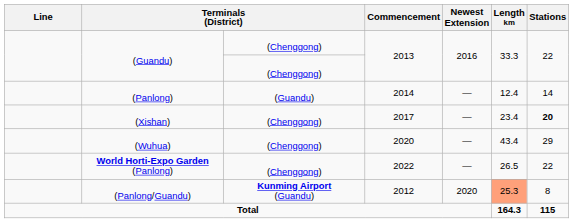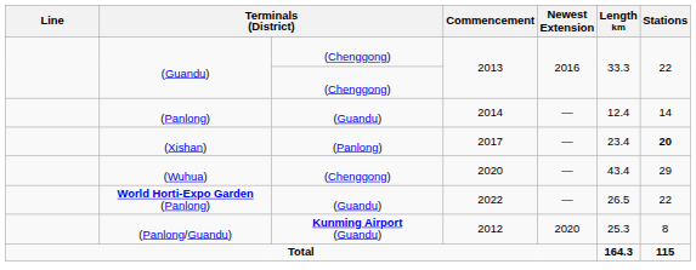 <table class="wikitable sortable" style="cell-padding:1.5; font-size:96%; text-align:center;">
 <tr>
 <th data-sort-type="text"style="width:120px;">Line</th>
 <th class="unsortable" colspan="2" style="width:450px; line-height:1.05">Terminals<br>(District)</th>
 <th>Commencement</th>
 <th>Newest<br>Extension</th>
 <th style="line-height:1.05">Length<br><small>km</small></th>
 <th style="line-height:1.05">Stations</th>
 </tr>
 <tr>
 <td rowspan="2" style="text-align:center; line-height:1.05"></td>
 <td rowspan="2" style="text-align:center; width:225px; line-height:1.05"><strong></strong><br>(<a href='#'>Guandu</a>)</td>
 <td style="text-align:center; width:225px; line-height:1.05"><strong></strong><br>(<a href='#'>Chenggong</a>)</td>
 <td rowspan="2" style="text-align:center; line-height:1.05">2013</td>
 <td rowspan="2" style="text-align:center; line-height:1.05">2016</td>
 <td rowspan="2" style="text-align:center; line-height:1.05">33.3</td>
 <td rowspan="2" style="text-align:center; line-height:1.05">22</td>
 </tr>
 <tr>
 <td><strong></strong><br>(<a href='#'>Chenggong</a>)</td>
 </tr>
 <tr>
 <td style="text-align:center; line-height:1.05"></td>
 <td style="text-align:center; width:225px; line-height:1.05"><strong></strong><br>(<a href='#'>Panlong</a>)</td>
 <td style="text-align:center; width:225px; line-height:1.05"><strong></strong><br>(<a href='#'>Guandu</a>)</td>
 <td style="text-align:center; line-height:1.05">2014</td>
 <td style="text-align:center; line-height:1.05">—</td>
 <td style="text-align:center; line-height:1.05">12.4</td>
 <td style="text-align:center; line-height:1.05">14</td>
 </tr>
 <tr>
 <td style="text-align:center; line-height:1.05"></td>
 <td style="text-align:center; width:225px; line-height:1.05"><strong></strong><br>(<a href='#'>Xishan</a>)</td>
-<td style="text-align:center; width:225px; line-height:1.05"><strong></strong><br>(<a href='#'>Chenggong</a>)</td>
+<td style="text-align:center; width:225px; line-height:1.05"><strong></strong><br>(<a href='#'>Panlong</a>)</td>
 <td style="text-align:center; line-height:1.05">2017</td>
 <td style="text-align:center; line-height:1.05">—</td>
 <td style="text-align:center; line-height:1.05">23.4</td>
 <td style="text-align:center; line-height:1.05"><strong>20</strong></td>
 </tr>
 <tr>
 <td style="text-align:center; line-height:1.05"></td>
 <td style="text-align:center; width:225px; line-height:1.05"><strong></strong><br>(<a href='#'>Wuhua</a>)</td>
 <td style="text-align:center; width:225px; line-height:1.05"><strong></strong><br>(<a href='#'>Chenggong</a>)</td>
 <td style="text-align:center; line-height:1.05">2020</td>
 <td style="text-align:center; line-height:1.05">—</td>
 <td style="text-align:center; line-height:1.05">43.4</td>
 <td style="text-align:center; line-height:1.05">29</td>
 </tr>
 <tr>
 <td style="text-align:center; line-height:1.05"></td>
 <td style="text-align:center; width:225px; line-height:1.05"><a href='#'><strong>World Horti-Expo Garden</strong></a><br>(<a href='#'>Panlong</a>)</td>
-<td><strong></strong><br>(<a href='#'>Chenggong</a>)</td>
+<td style="text-align:center; width:225px; line-height:1.05"><strong></strong><br>(<a href='#'>Guandu</a>)</td>
 <td style="text-align:center; line-height:1.05">2022</td>
 <td style="text-align:center; line-height:1.05">—</td>
 <td style="text-align:center; line-height:1.05">26.5</td>
 <td style="text-align:center; line-height:1.05">22</td>
 </tr>
 <tr>
 <td style="text-align:center; line-height:1.05"></td>
 <td style="text-align:center; width:225px; line-height:1.05"><strong></strong><br>(<a href='#'>Panlong</a>/<a href='#'>Guandu</a>)</td>
 <td style="text-align:center; width:225px; line-height:1.05"><a href='#'><strong>Kunming Airport</strong></a><br>(<a href='#'>Guandu</a>)</td>
 <td style="text-align:center; line-height:1.05">2012</td>
 <td style="text-align:center; line-height:1.05">2020</td>
-<td style="background: lightsalmon; text-align:center; line-height:1.05">25.3</td>
+<td style="text-align:center; line-height:1.05">25.3</td>
 <td style="text-align:center; line-height:1.05">8</td>
 </tr>
 <tr class="sortbottom">
 <td style="text-align:center; line-height:1.05" colspan="5"><strong>Total</strong></td>
 <td style="text-align:center; line-height:1.05"><strong>164.3</strong></td>
 <td style="text-align:center; line-height:1.05"><strong>115</strong></td>
 </tr>
 </table>
